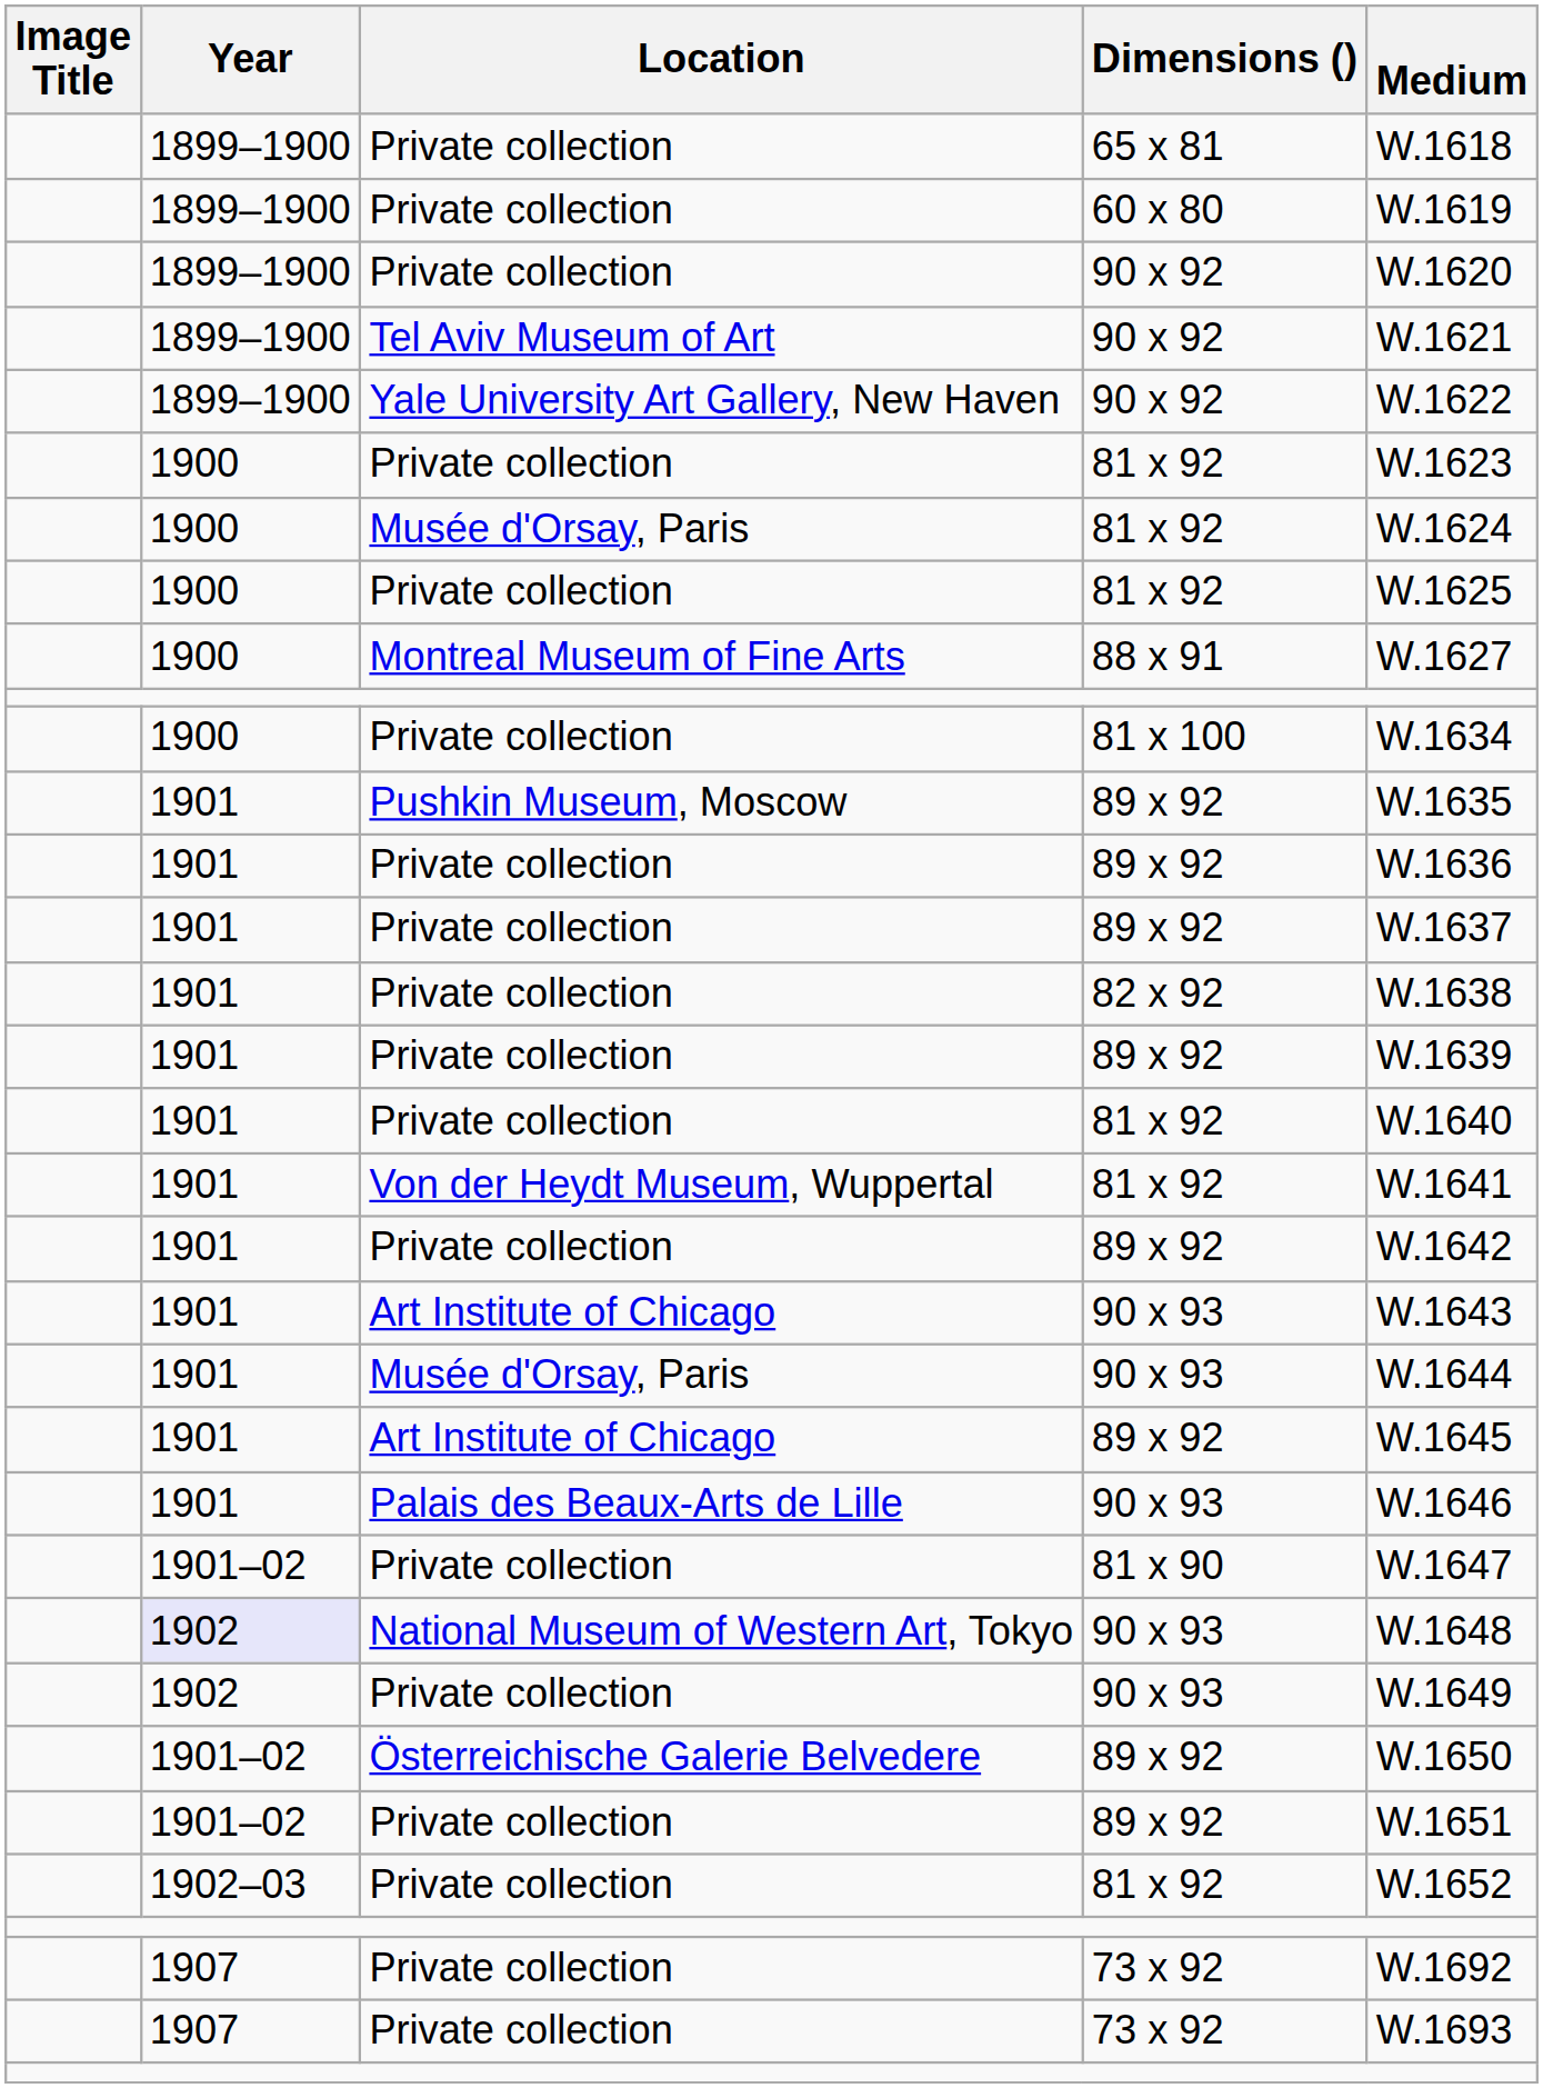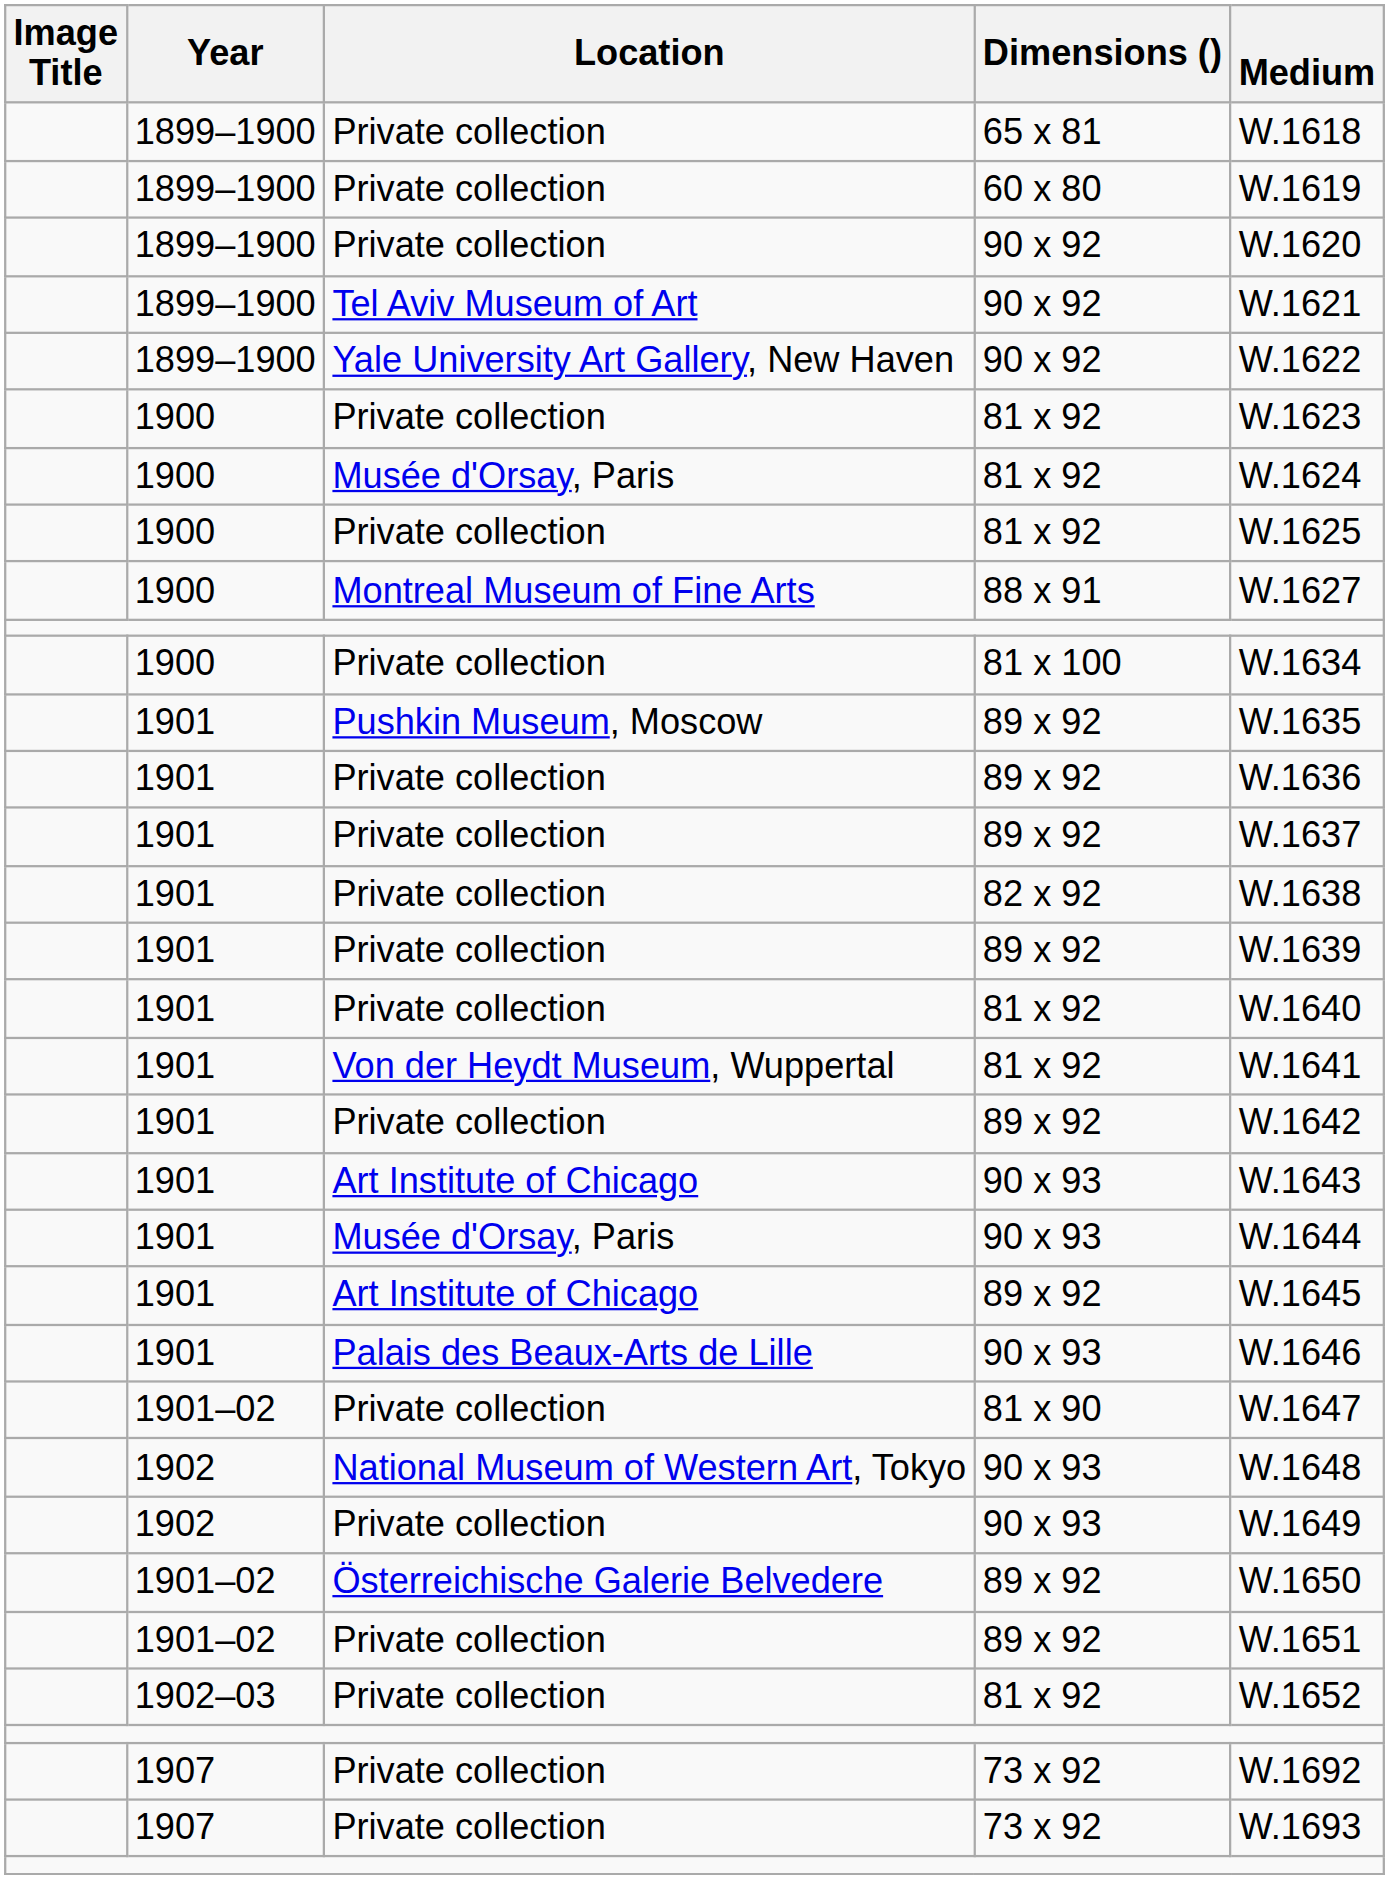 <table class="sortable wikitable" style="margin-left:0.5em; text-align:left">
 <tr>
 <th>Image<br>Title</th>
 <th>Year</th>
 <th>Location</th>
 <th>Dimensions ()</th>
 <th><br>Medium</th>
 </tr>
 <tr>
 <td></td>
 <td>1899–1900</td>
 <td>Private collection</td>
 <td>65 x 81</td>
 <td>W.1618</td>
 </tr>
 <tr>
 <td></td>
 <td>1899–1900</td>
 <td>Private collection</td>
 <td>60 x 80</td>
 <td>W.1619</td>
 </tr>
 <tr>
 <td></td>
 <td>1899–1900</td>
 <td>Private collection</td>
 <td>90 x 92</td>
 <td>W.1620</td>
 </tr>
 <tr>
 <td></td>
 <td>1899–1900</td>
 <td><a href='#'>Tel Aviv Museum of Art</a></td>
 <td>90 x 92</td>
 <td>W.1621</td>
 </tr>
 <tr>
 <td></td>
 <td>1899–1900</td>
 <td><a href='#'>Yale University Art Gallery</a>, New Haven</td>
 <td>90 x 92</td>
 <td>W.1622</td>
 </tr>
 <tr>
 <td></td>
 <td>1900</td>
 <td>Private collection</td>
 <td>81 x 92</td>
 <td>W.1623</td>
 </tr>
 <tr>
 <td></td>
 <td>1900</td>
 <td><a href='#'>Musée d'Orsay</a>, Paris</td>
 <td>81 x 92</td>
 <td>W.1624</td>
 </tr>
 <tr>
 <td></td>
 <td>1900</td>
 <td>Private collection</td>
 <td>81 x 92</td>
 <td>W.1625</td>
 </tr>
 <tr>
 <td></td>
 <td>1900</td>
 <td><a href='#'>Montreal Museum of Fine Arts</a></td>
 <td>88 x 91</td>
 <td>W.1627</td>
 </tr>
 <tr>
 <td colspan="6"></td>
 </tr>
 <tr>
 <td></td>
 <td>1900</td>
 <td>Private collection</td>
 <td>81 x 100</td>
 <td>W.1634</td>
 </tr>
 <tr>
 <td></td>
 <td>1901</td>
 <td><a href='#'>Pushkin Museum</a>, Moscow</td>
 <td>89 x 92</td>
 <td>W.1635</td>
 </tr>
 <tr>
 <td></td>
 <td>1901</td>
 <td>Private collection</td>
 <td>89 x 92</td>
 <td>W.1636</td>
 </tr>
 <tr>
 <td></td>
 <td>1901</td>
 <td>Private collection</td>
 <td>89 x 92</td>
 <td>W.1637</td>
 </tr>
 <tr>
 <td></td>
 <td>1901</td>
 <td>Private collection</td>
 <td>82 x 92</td>
 <td>W.1638</td>
 </tr>
 <tr>
 <td></td>
 <td>1901</td>
 <td>Private collection</td>
 <td>89 x 92</td>
 <td>W.1639</td>
 </tr>
 <tr>
 <td></td>
 <td>1901</td>
 <td>Private collection</td>
 <td>81 x 92</td>
 <td>W.1640</td>
 </tr>
 <tr>
 <td></td>
 <td>1901</td>
 <td><a href='#'>Von der Heydt Museum</a>, Wuppertal</td>
 <td>81 x 92</td>
 <td>W.1641</td>
 </tr>
 <tr>
 <td></td>
 <td>1901</td>
 <td>Private collection</td>
 <td>89 x 92</td>
 <td>W.1642</td>
 </tr>
 <tr>
 <td></td>
 <td>1901</td>
 <td><a href='#'>Art Institute of Chicago</a></td>
 <td>90 x 93</td>
 <td>W.1643</td>
 </tr>
 <tr>
 <td></td>
 <td>1901</td>
 <td><a href='#'>Musée d'Orsay</a>, Paris</td>
 <td>90 x 93</td>
 <td>W.1644</td>
 </tr>
 <tr>
 <td></td>
 <td>1901</td>
 <td><a href='#'>Art Institute of Chicago</a></td>
 <td>89 x 92</td>
 <td>W.1645</td>
 </tr>
 <tr>
 <td></td>
 <td>1901</td>
 <td><a href='#'>Palais des Beaux-Arts de Lille</a></td>
 <td>90 x 93</td>
 <td>W.1646</td>
 </tr>
 <tr>
 <td></td>
 <td>1901–02</td>
 <td>Private collection</td>
 <td>81 x 90</td>
 <td>W.1647</td>
 </tr>
 <tr>
 <td></td>
-<td style="background: lavender;">1902</td>
+<td>1902</td>
 <td><a href='#'>National Museum of Western Art</a>, Tokyo</td>
 <td>90 x 93</td>
 <td>W.1648</td>
 </tr>
 <tr>
 <td></td>
 <td>1902</td>
 <td>Private collection</td>
 <td>90 x 93</td>
 <td>W.1649</td>
 </tr>
 <tr>
 <td></td>
 <td>1901–02</td>
 <td><a href='#'>Österreichische Galerie Belvedere</a></td>
 <td>89 x 92</td>
 <td>W.1650</td>
 </tr>
 <tr>
 <td></td>
 <td>1901–02</td>
 <td>Private collection</td>
 <td>89 x 92</td>
 <td>W.1651</td>
 </tr>
 <tr>
 <td></td>
 <td>1902–03</td>
 <td>Private collection</td>
 <td>81 x 92</td>
 <td>W.1652</td>
 </tr>
 <tr>
 <td colspan="6"></td>
 </tr>
 <tr>
 <td></td>
 <td>1907</td>
 <td>Private collection</td>
 <td>73 x 92</td>
 <td>W.1692</td>
 </tr>
 <tr>
 <td></td>
 <td>1907</td>
 <td>Private collection</td>
 <td>73 x 92</td>
 <td>W.1693</td>
 </tr>
 <tr>
 <td colspan="6"></td>
 </tr>
 <tr>
 </tr>
 </table>
